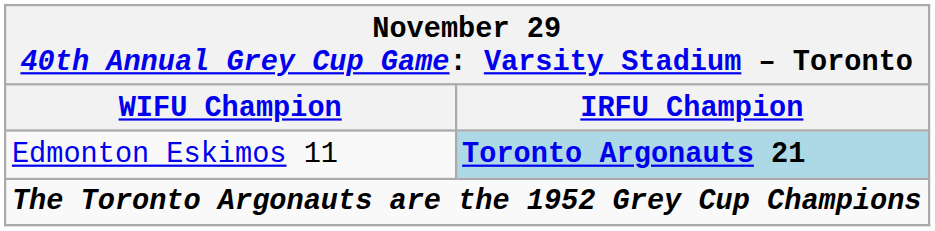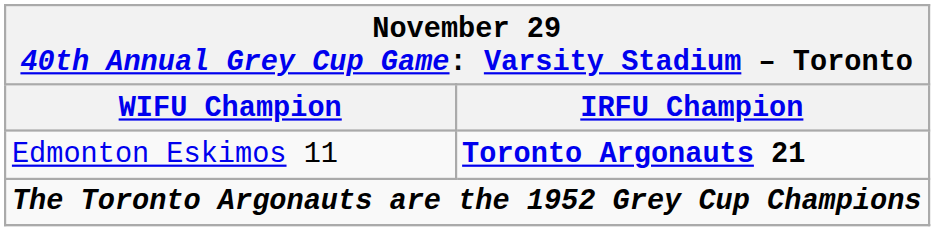 <table class="wikitable">
 <tr>
 <th bgcolor="#DDDDDD" colspan=4>November 29<br><em><a href='#'>40th Annual Grey Cup Game</a></em>: <a href='#'>Varsity Stadium</a> – Toronto</th>
 </tr>
 <tr>
 <th><a href='#'>WIFU Champion</a></th>
 <th><a href='#'>IRFU Champion</a></th>
 </tr>
 <tr>
 <td><a href='#'>Edmonton Eskimos</a> 11</td>
-<td style="background: lightblue;"><strong><a href='#'>Toronto Argonauts</a> 21</strong></td>
+<td><strong><a href='#'>Toronto Argonauts</a> 21</strong></td>
 </tr>
 <tr>
 <td align="center" colspan=4><strong><em>The Toronto Argonauts are the 1952 Grey Cup Champions</em></strong></td>
 </tr>
 <tr>
 </tr>
 </table>
